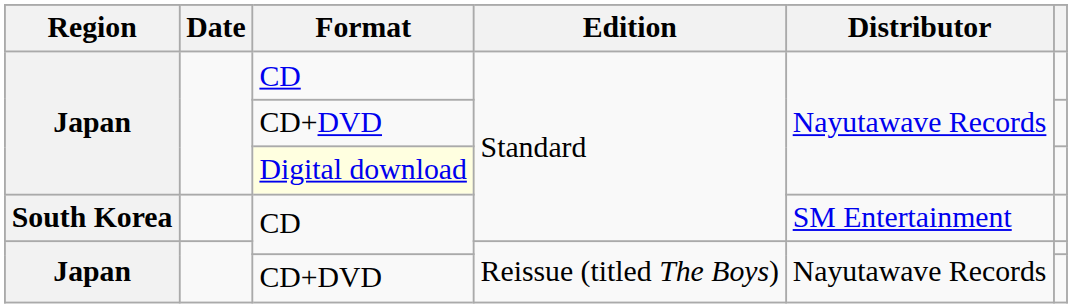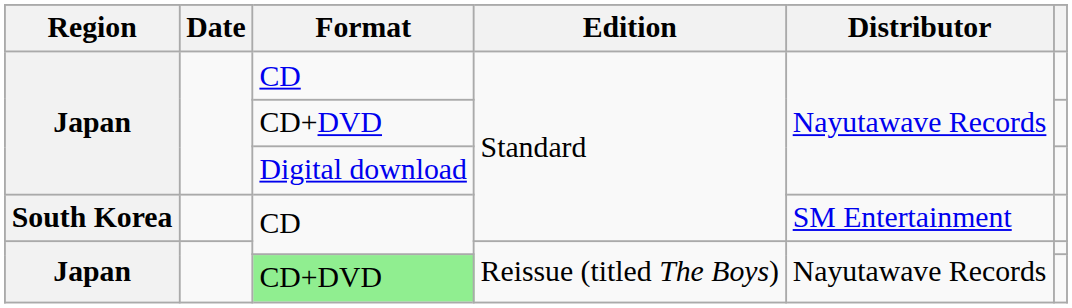 <table class="wikitable plainrowheaders sortable">
 <tr>
 <th scope="col">Region</th>
 <th scope="col">Date</th>
 <th scope="col">Format</th>
 <th scope="col">Edition</th>
 <th scope="col">Distributor</th>
 <th scope="col" class="unsortable"></th>
 </tr>
 <tr>
 <th scope="row" rowspan="3">Japan</th>
 <td rowspan="3"></td>
 <td><a href='#'>CD</a></td>
 <td rowspan="4">Standard</td>
 <td rowspan="3"><a href='#'>Nayutawave Records</a></td>
 <td align="center"></td>
 </tr>
 <tr>
 <td>CD+<a href='#'>DVD</a></td>
 <td align="center"></td>
 </tr>
 <tr>
-<td style="background: lightyellow;"><a href='#'>Digital download</a></td>
+<td><a href='#'>Digital download</a></td>
 <td align="center"></td>
 </tr>
 <tr>
 <th scope="row">South Korea</th>
 <td></td>
 <td rowspan="2">CD</td>
 <td><a href='#'>SM Entertainment</a></td>
 <td align="center"></td>
 </tr>
 <tr>
 <th scope="row" rowspan="2">Japan</th>
 <td rowspan="2"></td>
 <td rowspan="2">Reissue (titled <em>The Boys</em>)</td>
 <td rowspan="2">Nayutawave Records</td>
 <td align="center"></td>
 </tr>
 <tr>
-<td>CD+DVD</td>
+<td style="background: lightgreen;">CD+DVD</td>
 <td align="center"></td>
 </tr>
 </table>
